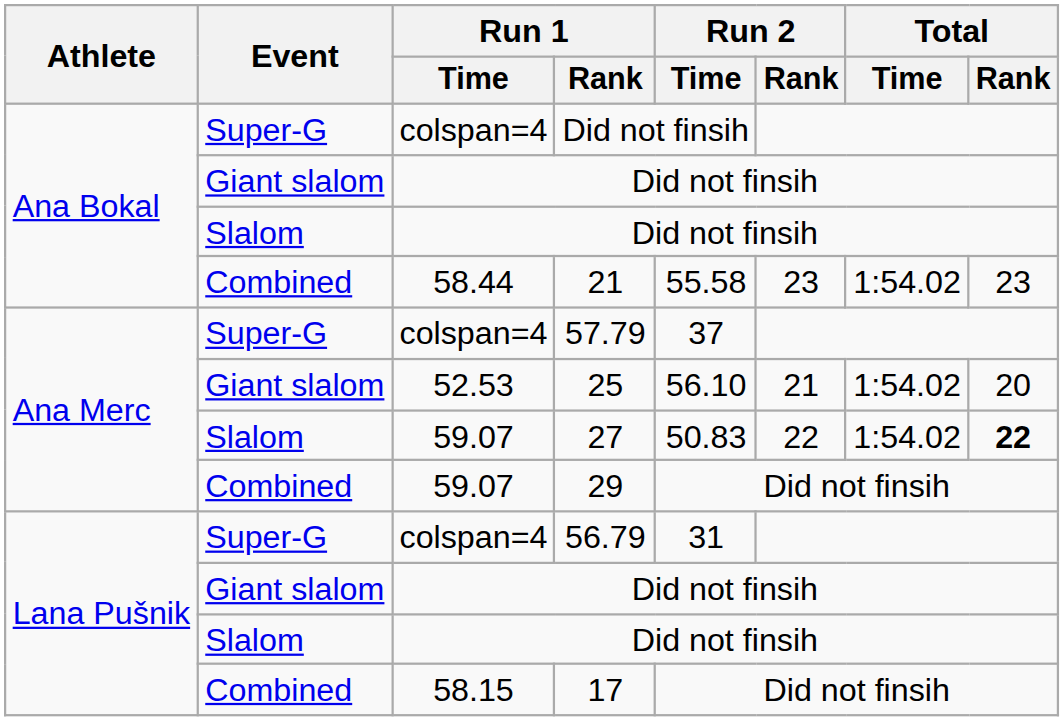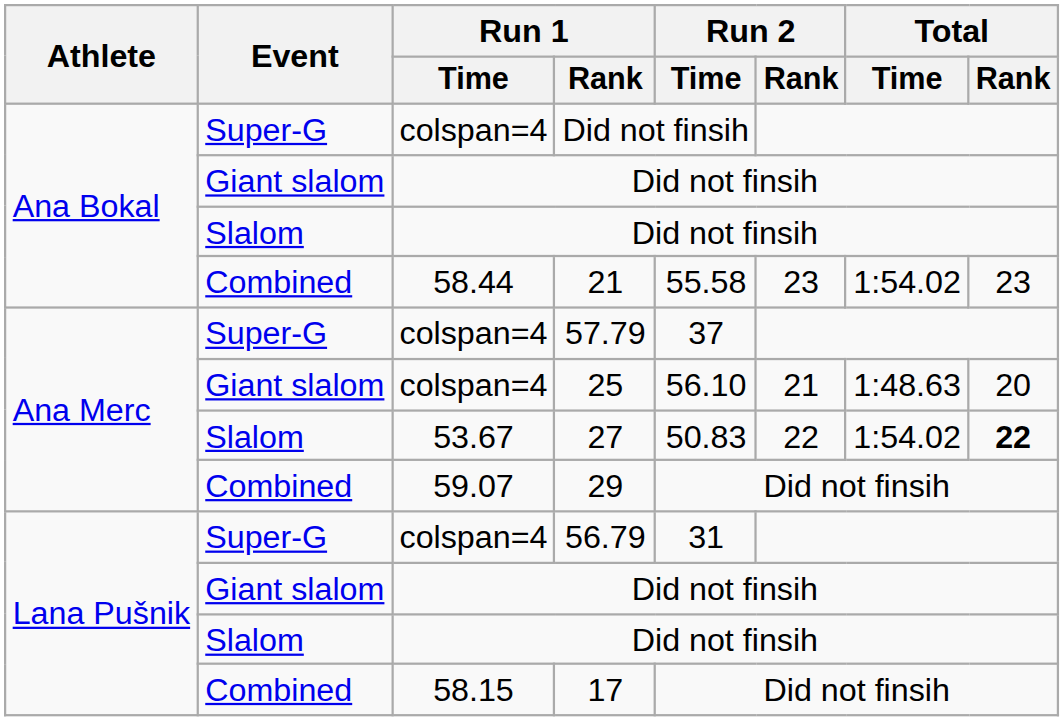 <table class="wikitable" style="font-size:90%">
 <tr>
 <th rowspan=2>Athlete</th>
 <th rowspan=2>Event</th>
 <th colspan=2>Run 1</th>
 <th colspan=2>Run 2</th>
 <th colspan=2>Total</th>
 </tr>
 <tr style="font-size:95%">
 <th>Time</th>
 <th>Rank</th>
 <th>Time</th>
 <th>Rank</th>
 <th>Time</th>
 <th>Rank</th>
 </tr>
 <tr align=center>
 <td align="left" rowspan="4"><a href='#'>Ana Bokal</a></td>
 <td align="left"><a href='#'>Super-G</a></td>
 <td>colspan=4</td>
 <td colspan=2>Did not finsih</td>
 </tr>
 <tr align=center>
 <td align="left"><a href='#'>Giant slalom</a></td>
 <td colspan=6>Did not finsih</td>
 </tr>
 <tr align=center>
 <td align="left"><a href='#'>Slalom</a></td>
 <td colspan=6>Did not finsih</td>
 </tr>
 <tr align=center>
 <td align="left"><a href='#'>Combined</a></td>
 <td>58.44</td>
 <td>21</td>
 <td>55.58</td>
 <td>23</td>
 <td>1:54.02</td>
 <td>23</td>
 </tr>
 <tr align=center>
 <td align="left" rowspan="4"><a href='#'>Ana Merc</a></td>
 <td align="left"><a href='#'>Super-G</a></td>
 <td>colspan=4</td>
 <td>57.79</td>
 <td>37</td>
 </tr>
 <tr align=center>
 <td align="left"><a href='#'>Giant slalom</a></td>
-<td>52.53</td>
+<td>colspan=4</td>
 <td>25</td>
 <td>56.10</td>
 <td>21</td>
-<td>1:54.02</td>
+<td>1:48.63</td>
 <td>20</td>
 </tr>
 <tr align=center>
 <td align="left"><a href='#'>Slalom</a></td>
-<td>59.07</td>
+<td>53.67</td>
 <td>27</td>
 <td>50.83</td>
 <td>22</td>
 <td>1:54.02</td>
 <td><strong>22</strong></td>
 </tr>
 <tr align=center>
 <td align="left"><a href='#'>Combined</a></td>
 <td>59.07</td>
 <td>29</td>
 <td colspan=4>Did not finsih</td>
 </tr>
 <tr align=center>
 <td align="left" rowspan="4"><a href='#'>Lana Pušnik</a></td>
 <td align="left"><a href='#'>Super-G</a></td>
 <td>colspan=4</td>
 <td>56.79</td>
 <td>31</td>
 </tr>
 <tr align=center>
 <td align="left"><a href='#'>Giant slalom</a></td>
 <td colspan=6>Did not finsih</td>
 </tr>
 <tr align=center>
 <td align="left"><a href='#'>Slalom</a></td>
 <td colspan=6>Did not finsih</td>
 </tr>
 <tr align=center>
 <td align="left"><a href='#'>Combined</a></td>
 <td>58.15</td>
 <td>17</td>
 <td colspan=4>Did not finsih</td>
 </tr>
 </table>
